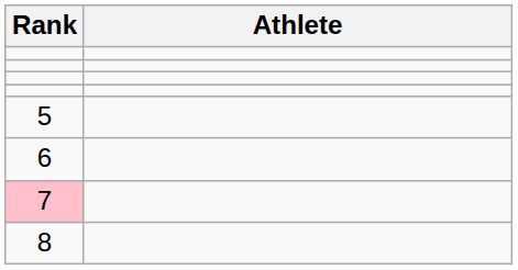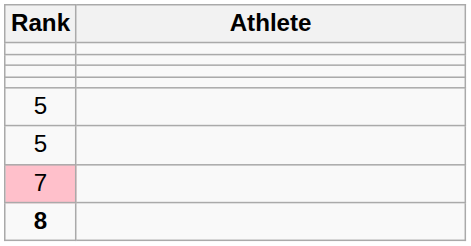 <table class="wikitable" style="text-align: center;">
 <tr>
 <th width=40>Rank</th>
 <th width=250>Athlete</th>
 </tr>
 <tr>
 <td></td>
 <td align=left></td>
 </tr>
 <tr>
 <td></td>
 <td align=left></td>
 </tr>
 <tr>
 <td></td>
 <td align=left></td>
 </tr>
 <tr>
 <td></td>
 <td align=left></td>
 </tr>
 <tr>
 <td>5</td>
 <td align=left></td>
 </tr>
 <tr>
-<td>6</td>
+<td>5</td>
 <td align=left></td>
 </tr>
 <tr>
 <td style="background: pink;">7</td>
 <td align=left></td>
 </tr>
 <tr>
-<td>8</td>
+<td><strong>8</strong></td>
 <td align=left></td>
 </tr>
 </table>
